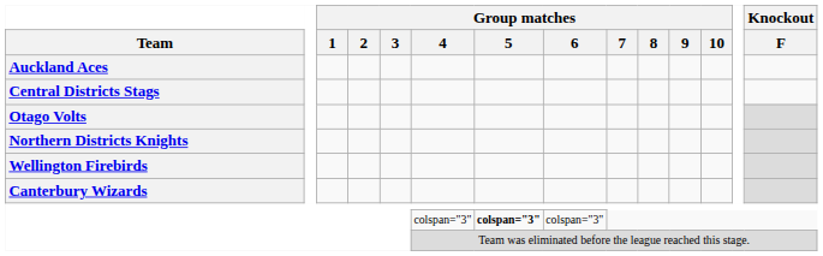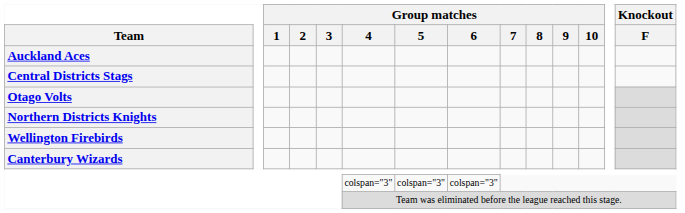 <table class="wikitable" style="border:none">
 <tr>
 <td style="background:white; border:none"></td>
 <td rowspan="8"  style="width:5px;; border:none; background:white;"></td>
 <th colspan="10"><span>Group matches</span></th>
 <td rowspan="8"  style="width:5px;; border:none; background:white;"></td>
 <th><span>Knockout</span></th>
 </tr>
 <tr>
 <th style="width:300px; vertical-align:center;">Team</th>
 <th width=25>1</th>
 <th width=25>2</th>
 <th width=25>3</th>
 <th width=25>4</th>
 <th width=25>5</th>
 <th width=25>6</th>
 <th width=25>7</th>
 <th width=25>8</th>
 <th width=25>9</th>
 <th width=25>10</th>
 <th width=25><span>F</span></th>
 </tr>
 <tr>
 <th style="text-align:left;"><a href='#'>Auckland Aces</a></th>
 <td></td>
 <td></td>
 <td></td>
 <td></td>
 <td></td>
 <td></td>
 <td></td>
 <td></td>
 <td></td>
 <td></td>
 <td></td>
 </tr>
 <tr>
 <th style="text-align:left;"><a href='#'>Central Districts Stags</a></th>
 <td></td>
 <td></td>
 <td></td>
 <td></td>
 <td></td>
 <td></td>
 <td></td>
 <td></td>
 <td></td>
 <td></td>
 <td></td>
 </tr>
 <tr>
 <th style="text-align:left;"><a href='#'>Otago Volts</a></th>
 <td></td>
 <td></td>
 <td></td>
 <td></td>
 <td></td>
 <td></td>
 <td></td>
 <td></td>
 <td></td>
 <td></td>
 <td style="background:#dcdcdc;"></td>
 </tr>
 <tr>
 <th style="text-align:left;"><a href='#'>Northern Districts Knights</a></th>
 <td></td>
 <td></td>
 <td></td>
 <td></td>
 <td></td>
 <td></td>
 <td></td>
 <td></td>
 <td></td>
 <td></td>
 <td style="background:#dcdcdc;"></td>
 </tr>
 <tr>
 <th style="text-align:left;"><a href='#'>Wellington Firebirds</a></th>
 <td></td>
 <td></td>
 <td></td>
 <td></td>
 <td></td>
 <td></td>
 <td></td>
 <td></td>
 <td></td>
 <td></td>
 <td style="background:#dcdcdc;"></td>
 </tr>
 <tr>
 <th style="text-align:left;"><a href='#'>Canterbury Wizards</a></th>
 <td></td>
 <td></td>
 <td></td>
 <td></td>
 <td></td>
 <td></td>
 <td></td>
 <td></td>
 <td></td>
 <td></td>
 <td style="background:#dcdcdc;"></td>
 </tr>
 <tr>
 <td colspan="14" style="background:white; border:none"></td>
 </tr>
 <tr style="font-size:75%">
 <td colspan="5" rowspan="2" style="background:white; border:none; vertical-align:center"><br></td>
 <td>colspan="3" </td>
-<td><strong>colspan="3" </strong></td>
+<td>colspan="3" </td>
 <td>colspan="3" </td>
 </tr>
 <tr style="font-size:75%">
 <td colspan="9" style="background:#dcdcdc; text-align:center; vertical-align:center">Team was eliminated before the league reached this stage.</td>
 </tr>
 </table>
